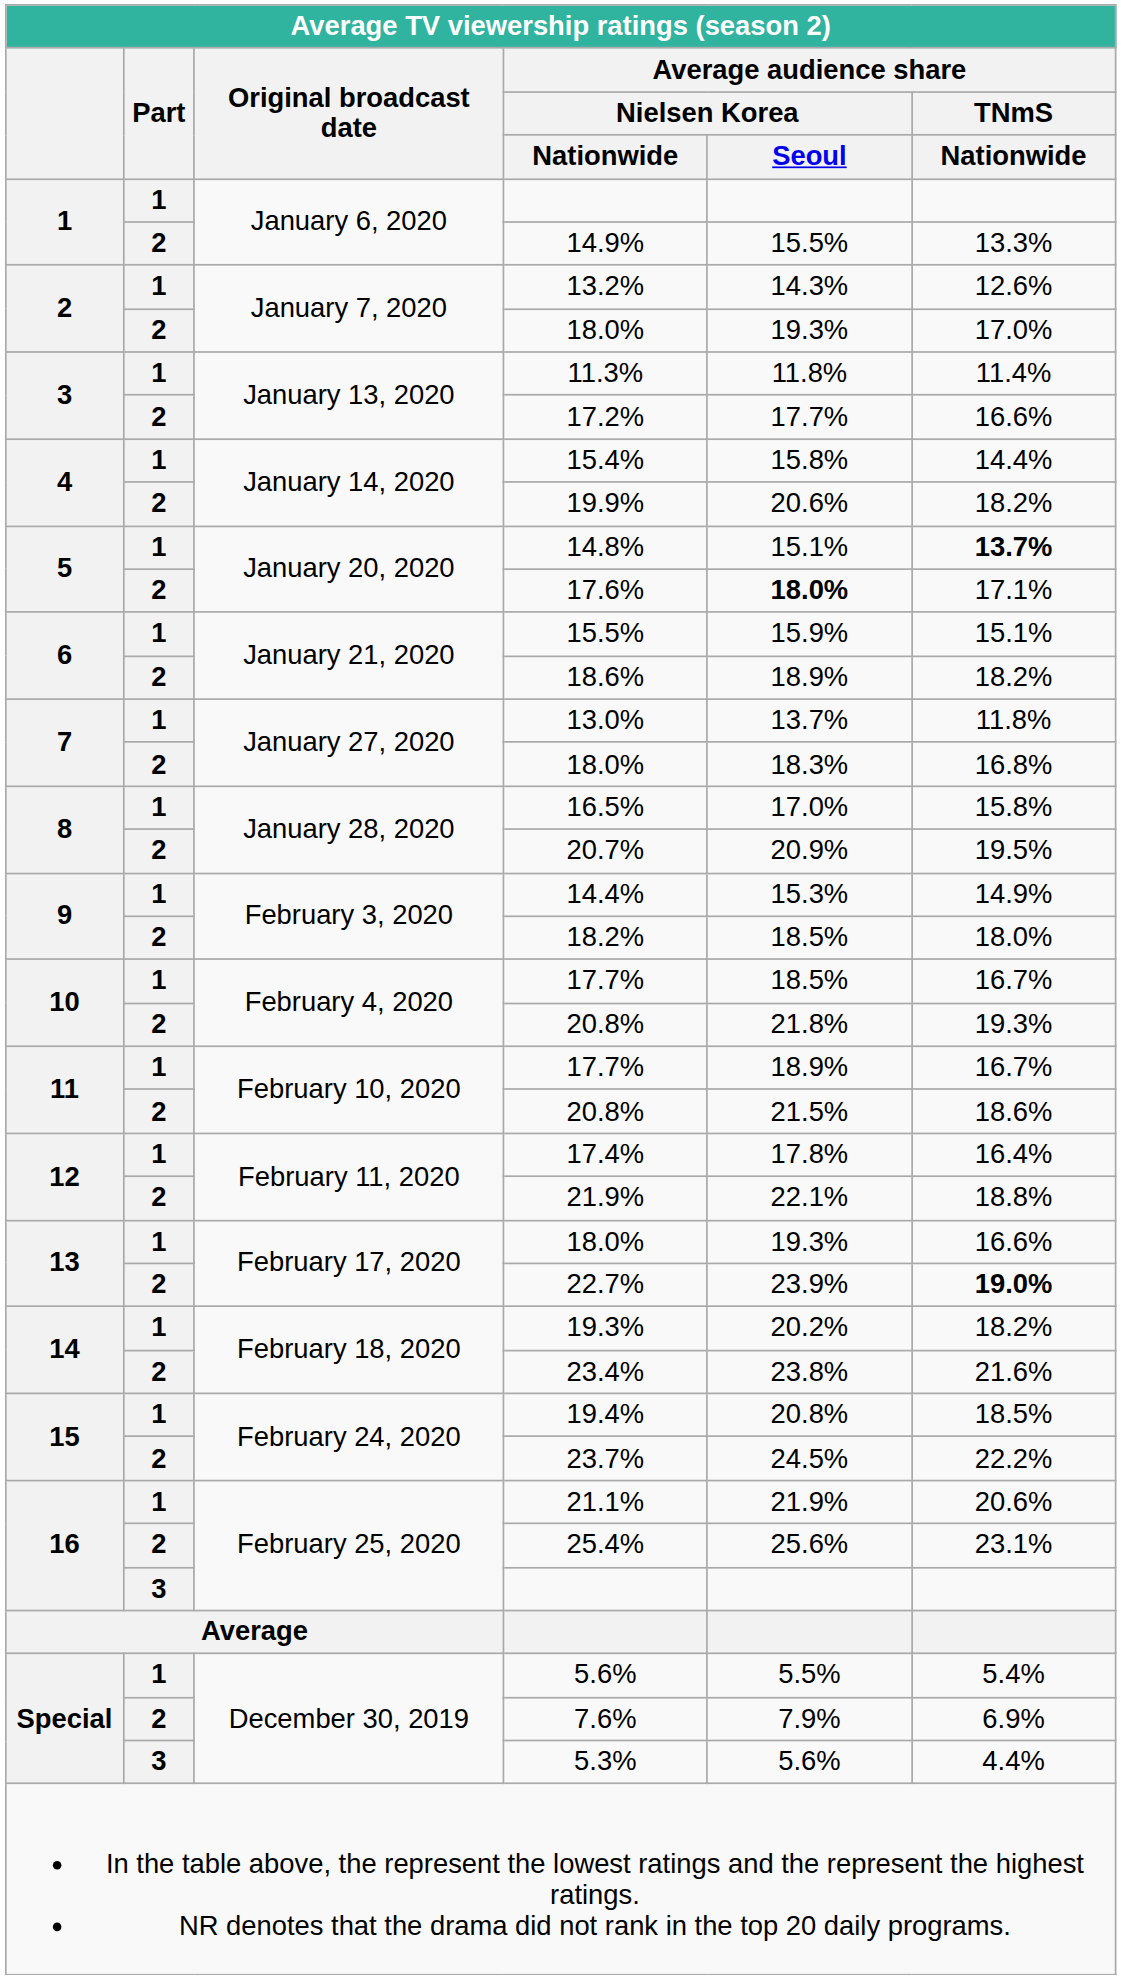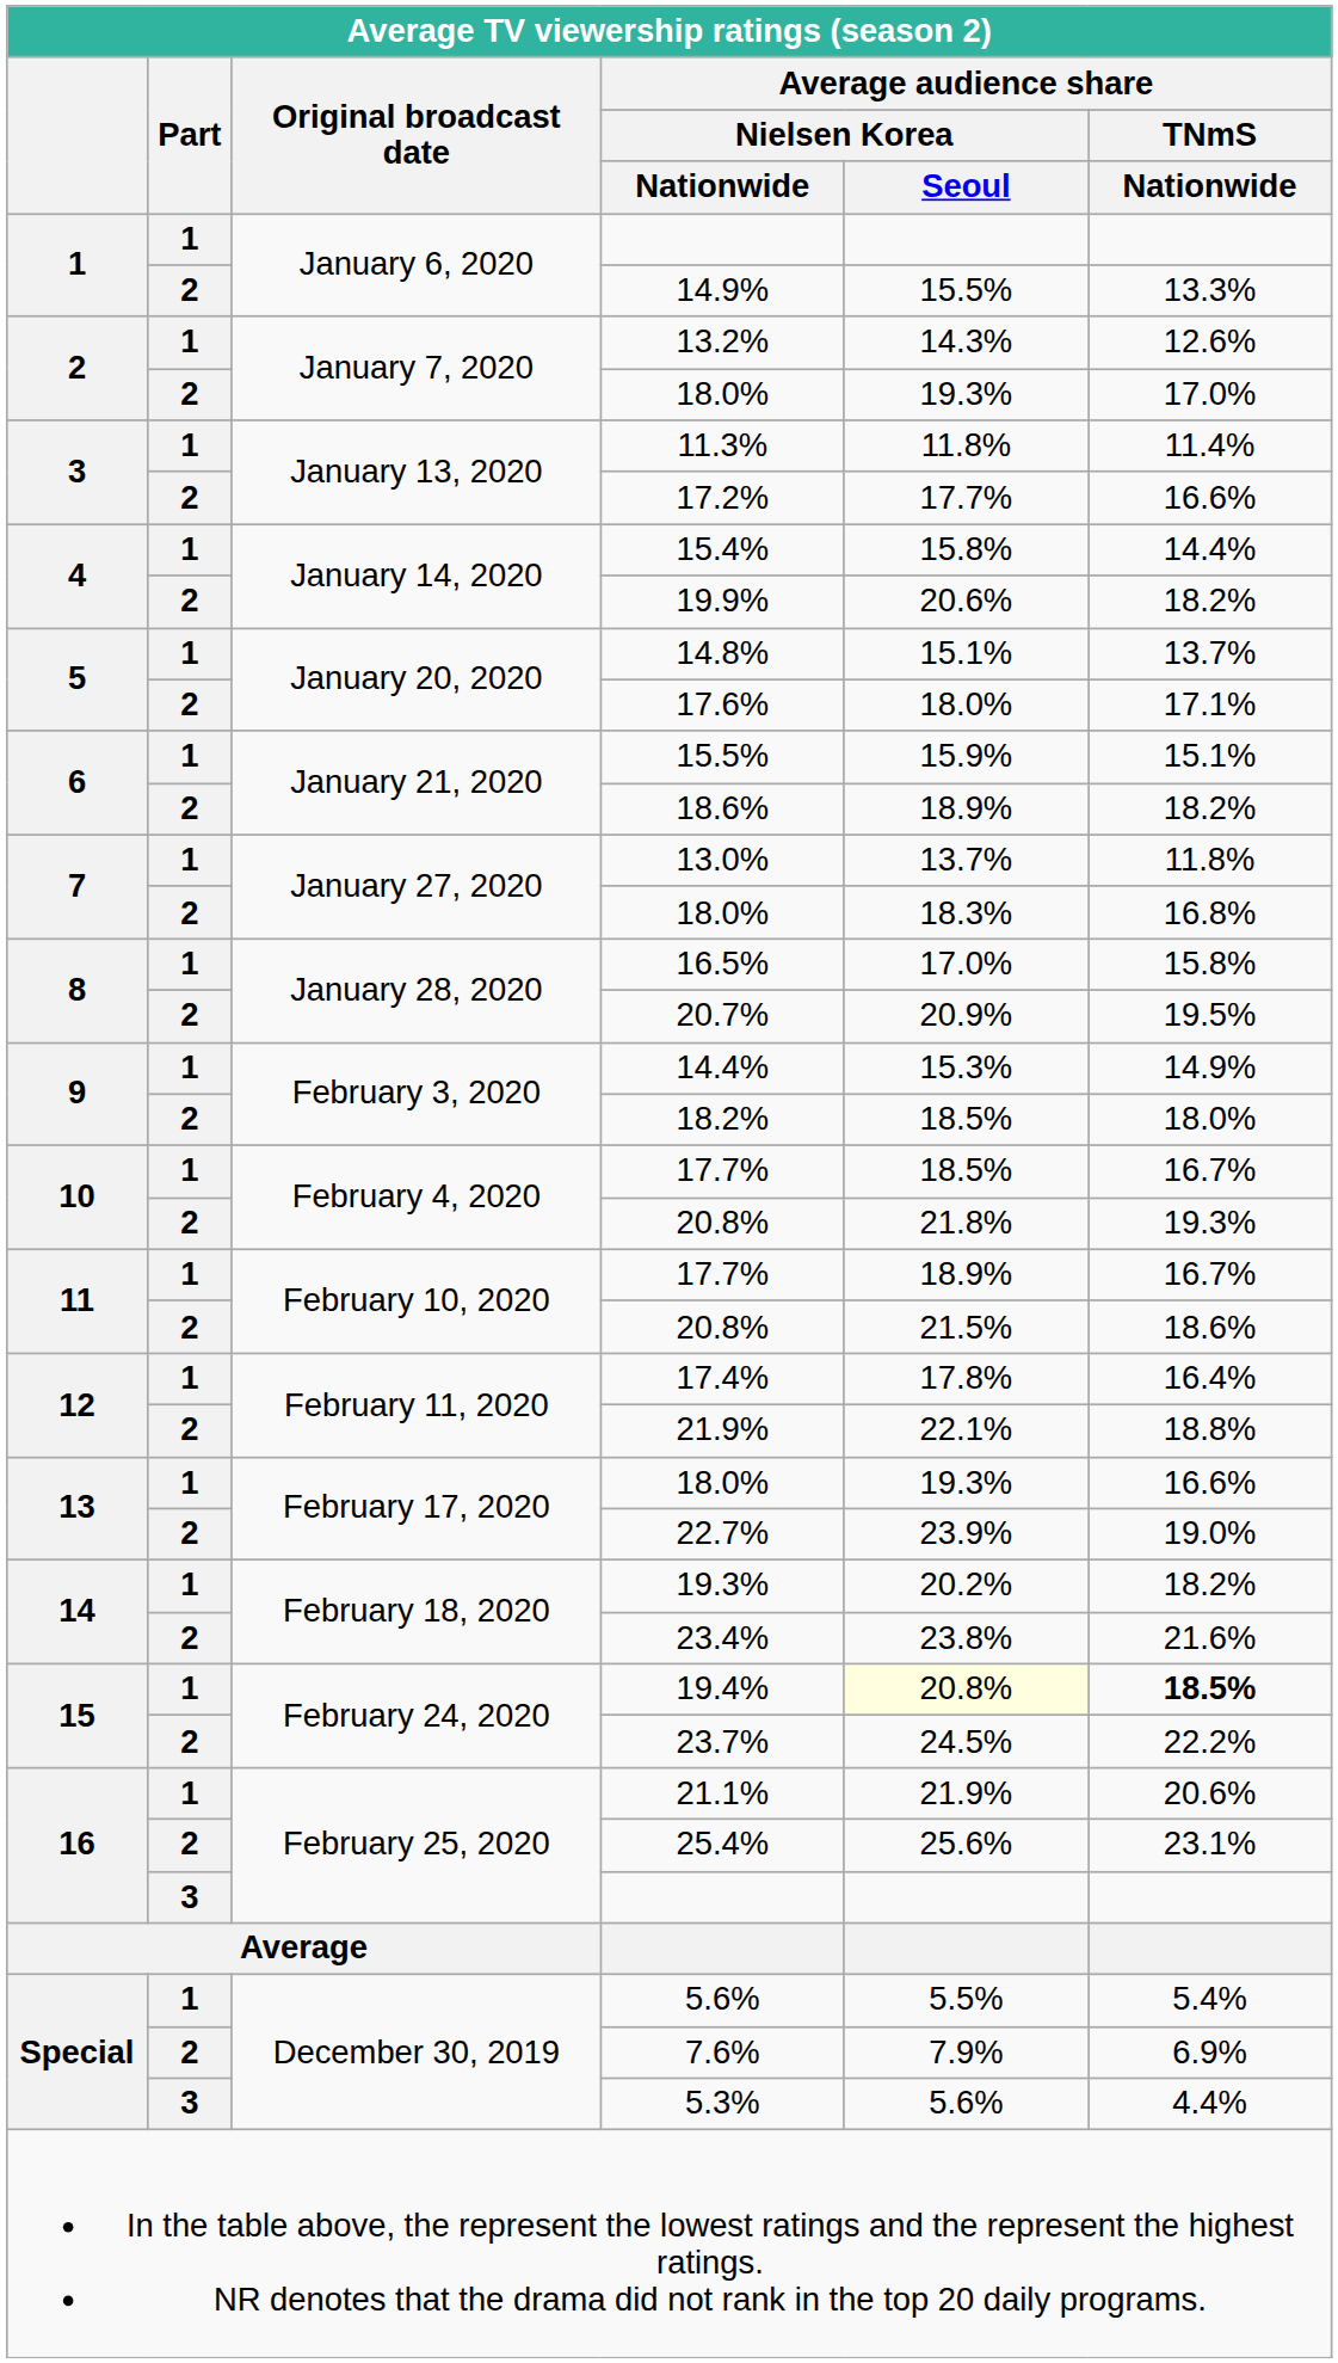 <table role="presentation" class="wikitable mw-collapsible mw-collapsed" style="text-align:center; max-width:650px; margin-left:auto; margin-right:auto; border:none">
 <tr>
 <th colspan="6" style="background:#30B39F; color:white">Average TV viewership ratings (season 2)</th>
 </tr>
 <tr>
 <th scope="col" rowspan="3"></th>
 <th scope="col" rowspan="3">Part</th>
 <th scope="col" rowspan="3">Original broadcast date</th>
 <th scope="col" colspan="3">Average audience share</th>
 </tr>
 <tr>
 <th scope="col" colspan="2">Nielsen Korea</th>
 <th scope="col">TNmS</th>
 </tr>
 <tr>
 <th scope="col" style="width:7em">Nationwide</th>
 <th scope="col" style="width:7em"><a href='#'>Seoul</a></th>
 <th scope="col" style="width:7em">Nationwide</th>
 </tr>
 <tr>
 <th scope="col" rowspan="2">1</th>
 <th scope="col">1</th>
 <td rowspan="2">January 6, 2020</td>
 <td><strong></strong> </td>
 <td><strong></strong> </td>
 <td><strong></strong> </td>
 </tr>
 <tr>
 <th scope="col">2</th>
 <td>14.9% </td>
 <td>15.5% </td>
 <td>13.3% </td>
 </tr>
 <tr>
 <th scope="col" rowspan="2">2</th>
 <th scope="col">1</th>
 <td rowspan="2">January 7, 2020</td>
 <td>13.2% </td>
 <td>14.3% </td>
 <td>12.6% </td>
 </tr>
 <tr>
 <th scope="col">2</th>
 <td>18.0% </td>
 <td>19.3% </td>
 <td>17.0% </td>
 </tr>
 <tr>
 <th scope="col" rowspan="2">3</th>
 <th scope="col">1</th>
 <td rowspan="2">January 13, 2020</td>
 <td>11.3% </td>
 <td>11.8% </td>
 <td>11.4% </td>
 </tr>
 <tr>
 <th scope="col">2</th>
 <td>17.2% </td>
 <td>17.7% </td>
 <td>16.6% </td>
 </tr>
 <tr>
 <th scope="col" rowspan="2">4</th>
 <th scope="col">1</th>
 <td rowspan="2">January 14, 2020</td>
 <td>15.4% </td>
 <td>15.8% </td>
 <td>14.4% </td>
 </tr>
 <tr>
 <th scope="col">2</th>
 <td>19.9% </td>
 <td>20.6% </td>
 <td>18.2% </td>
 </tr>
 <tr>
 <th scope="col" rowspan="2">5</th>
 <th scope="col">1</th>
 <td rowspan="2">January 20, 2020</td>
 <td>14.8% </td>
 <td>15.1% </td>
-<td><strong>13.7% </strong></td>
+<td>13.7% </td>
 </tr>
 <tr>
 <th scope="col">2</th>
 <td>17.6% </td>
-<td><strong>18.0% </strong></td>
+<td>18.0% </td>
 <td>17.1% </td>
 </tr>
 <tr>
 <th scope="col" rowspan="2">6</th>
 <th scope="col">1</th>
 <td rowspan="2">January 21, 2020</td>
 <td>15.5% </td>
 <td>15.9% </td>
 <td>15.1% </td>
 </tr>
 <tr>
 <th scope="col">2</th>
 <td>18.6% </td>
 <td>18.9% </td>
 <td>18.2% </td>
 </tr>
 <tr>
 <th scope="col" rowspan="2">7</th>
 <th scope="col">1</th>
 <td rowspan="2">January 27, 2020</td>
 <td>13.0% </td>
 <td>13.7% </td>
 <td>11.8% </td>
 </tr>
 <tr>
 <th scope="col">2</th>
 <td>18.0% </td>
 <td>18.3% </td>
 <td>16.8% </td>
 </tr>
 <tr>
 <th scope="col" rowspan="2">8</th>
 <th scope="col">1</th>
 <td rowspan="2">January 28, 2020</td>
 <td>16.5% </td>
 <td>17.0% </td>
 <td>15.8% </td>
 </tr>
 <tr>
 <th scope="col">2</th>
 <td>20.7% </td>
 <td>20.9% </td>
 <td>19.5% </td>
 </tr>
 <tr>
 <th scope="col" rowspan="2">9</th>
 <th scope="col">1</th>
 <td rowspan="2">February 3, 2020</td>
 <td>14.4% </td>
 <td>15.3% </td>
 <td>14.9% </td>
 </tr>
 <tr>
 <th scope="col">2</th>
 <td>18.2% </td>
 <td>18.5% </td>
 <td>18.0% </td>
 </tr>
 <tr>
 <th scope="col" rowspan="2">10</th>
 <th scope="col">1</th>
 <td rowspan="2">February 4, 2020</td>
 <td>17.7% </td>
 <td>18.5% </td>
 <td>16.7% </td>
 </tr>
 <tr>
 <th scope="col">2</th>
 <td>20.8% </td>
 <td>21.8% </td>
 <td>19.3% </td>
 </tr>
 <tr>
 <th scope="col" rowspan="2">11</th>
 <th scope="col">1</th>
 <td rowspan="2">February 10, 2020</td>
 <td>17.7% </td>
 <td>18.9% </td>
 <td>16.7% </td>
 </tr>
 <tr>
 <th scope="col">2</th>
 <td>20.8% </td>
 <td>21.5% </td>
 <td>18.6% </td>
 </tr>
 <tr>
 <th scope="col" rowspan="2">12</th>
 <th scope="col">1</th>
 <td rowspan="2">February 11, 2020</td>
 <td>17.4% </td>
 <td>17.8% </td>
 <td>16.4% </td>
 </tr>
 <tr>
 <th scope="col">2</th>
 <td>21.9% </td>
 <td>22.1% </td>
 <td>18.8% </td>
 </tr>
 <tr>
 <th scope="col" rowspan="2">13</th>
 <th scope="col">1</th>
 <td rowspan="2">February 17, 2020</td>
 <td>18.0% </td>
 <td>19.3% </td>
 <td>16.6% </td>
 </tr>
 <tr>
 <th scope="col">2</th>
 <td>22.7% </td>
 <td>23.9% </td>
-<td><strong>19.0% </strong></td>
+<td>19.0% </td>
 </tr>
 <tr>
 <th scope="col" rowspan="2">14</th>
 <th scope="col">1</th>
 <td rowspan="2">February 18, 2020</td>
 <td>19.3% </td>
 <td>20.2% </td>
 <td>18.2% </td>
 </tr>
 <tr>
 <th scope="col">2</th>
 <td>23.4% </td>
 <td>23.8% </td>
 <td>21.6% </td>
 </tr>
 <tr>
 <th scope="col" rowspan="2">15</th>
 <th scope="col">1</th>
 <td rowspan="2">February 24, 2020</td>
 <td>19.4% </td>
-<td>20.8% </td>
-<td>18.5% </td>
+<td style="background: lightyellow;">20.8% </td>
+<td><strong>18.5% </strong></td>
 </tr>
 <tr>
 <th scope="col">2</th>
 <td>23.7% </td>
 <td>24.5% </td>
 <td>22.2% </td>
 </tr>
 <tr>
 <th scope="col" rowspan="3">16</th>
 <th scope="col">1</th>
 <td rowspan="3">February 25, 2020</td>
 <td>21.1% </td>
 <td>21.9% </td>
 <td>20.6% </td>
 </tr>
 <tr>
 <th scope="col">2</th>
 <td>25.4% </td>
 <td>25.6% </td>
 <td>23.1% </td>
 </tr>
 <tr>
 <th scope="col">3</th>
 <td><strong></strong> </td>
 <td><strong></strong> </td>
 <td><strong></strong> </td>
 </tr>
 <tr>
 <th scope="col" colspan="3">Average</th>
 <th></th>
 <th></th>
 <th></th>
 </tr>
 <tr>
 <th scope="col" rowspan="3">Special</th>
 <th scope="col">1</th>
 <td rowspan="3">December 30, 2019</td>
 <td>5.6% </td>
 <td>5.5% </td>
 <td>5.4% </td>
 </tr>
 <tr>
 <th scope="col">2</th>
 <td>7.6% </td>
 <td>7.9% </td>
 <td>6.9% </td>
 </tr>
 <tr>
 <th scope="col">3</th>
 <td>5.3% </td>
 <td>5.6% </td>
 <td>4.4% </td>
 </tr>
 <tr>
 <td colspan="6" style="font:size:85%"><br><ul><li>In the table above, the <strong></strong> represent the lowest ratings and the <strong></strong> represent the highest ratings.</li><li>NR denotes that the drama did not rank in the top 20 daily programs.</li></ul></td>
 </tr>
 </table>
